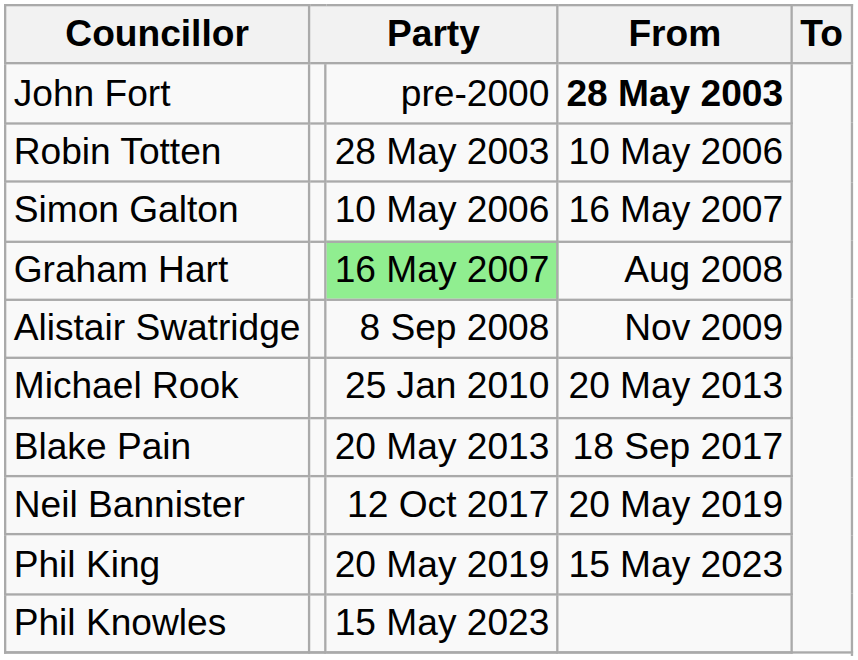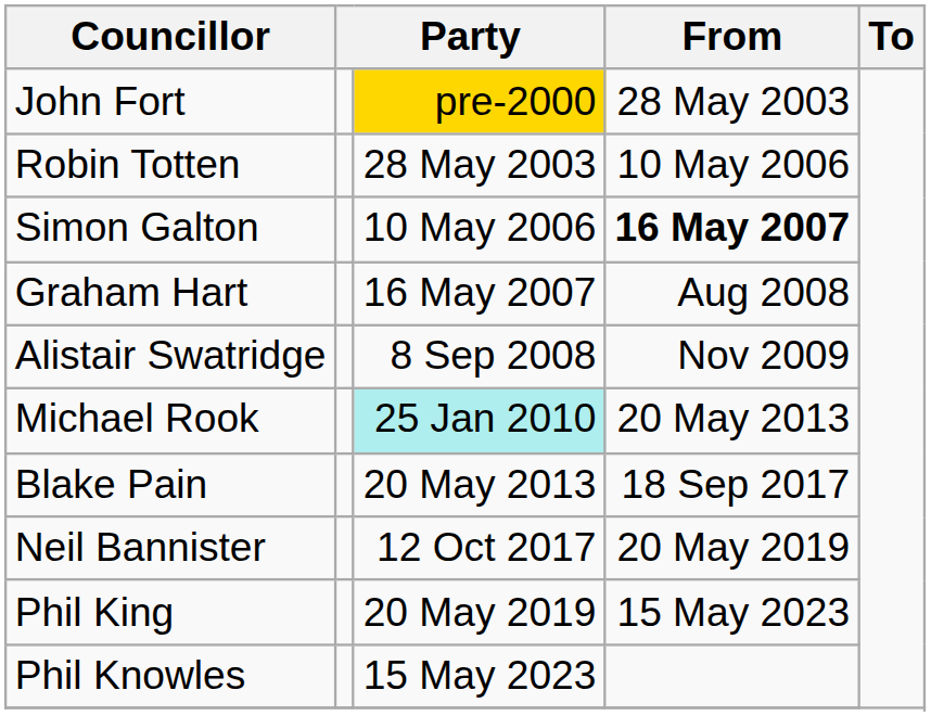 <table class=wikitable>
 <tr>
 <th>Councillor</th>
 <th colspan=2>Party</th>
 <th>From</th>
 <th>To</th>
 </tr>
 <tr>
 <td>John Fort</td>
 <td></td>
-<td align=right>pre-2000</td>
-<td align=right><strong>28 May 2003</strong></td>
+<td align=right style="background: gold;">pre-2000</td>
+<td align=right>28 May 2003</td>
 </tr>
 <tr>
 <td>Robin Totten</td>
 <td></td>
 <td align=right>28 May 2003</td>
 <td align=right>10 May 2006</td>
 </tr>
 <tr>
 <td>Simon Galton</td>
 <td></td>
 <td align=right>10 May 2006</td>
-<td align=right>16 May 2007</td>
+<td align=right><strong>16 May 2007</strong></td>
 </tr>
 <tr>
 <td>Graham Hart</td>
 <td></td>
-<td align=right style="background: lightgreen;">16 May 2007</td>
+<td align=right>16 May 2007</td>
 <td align=right>Aug 2008</td>
 </tr>
 <tr>
 <td>Alistair Swatridge</td>
 <td></td>
 <td align=right>8 Sep 2008</td>
 <td align=right>Nov 2009</td>
 </tr>
 <tr>
 <td>Michael Rook</td>
 <td></td>
-<td align=right>25 Jan 2010</td>
+<td align=right style="background: paleturquoise;">25 Jan 2010</td>
 <td align=right>20 May 2013</td>
 </tr>
 <tr>
 <td>Blake Pain</td>
 <td></td>
 <td align=right>20 May 2013</td>
 <td align=right>18 Sep 2017</td>
 </tr>
 <tr>
 <td>Neil Bannister</td>
 <td></td>
 <td align=right>12 Oct 2017</td>
 <td align=right>20 May 2019</td>
 </tr>
 <tr>
 <td>Phil King</td>
 <td></td>
 <td align=right>20 May 2019</td>
 <td align=right>15 May 2023</td>
 </tr>
 <tr>
 <td>Phil Knowles</td>
 <td></td>
 <td align=right>15 May 2023</td>
 <td align=right></td>
 </tr>
 <tr>
 </tr>
 </table>
